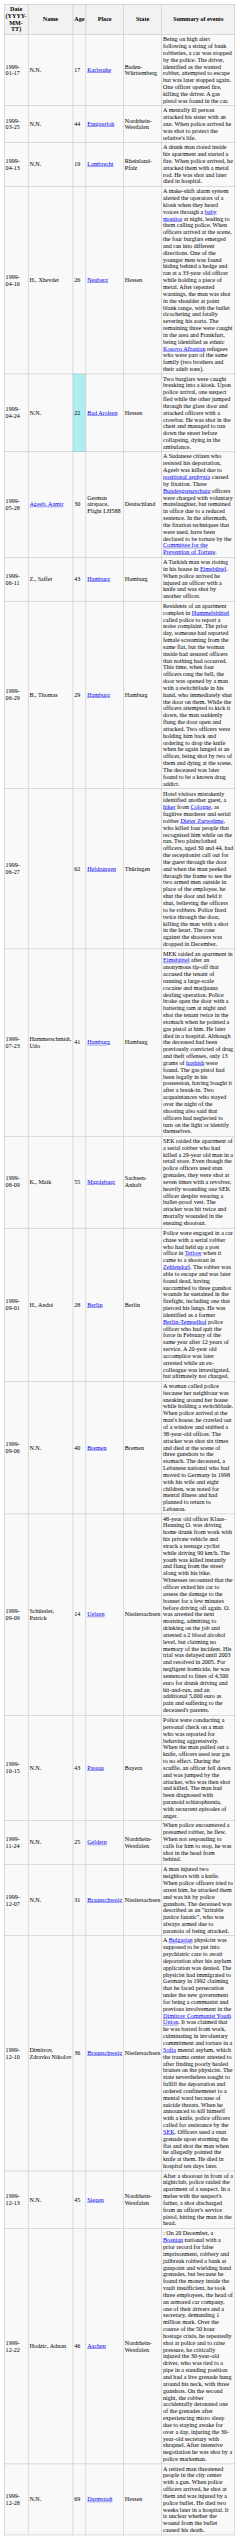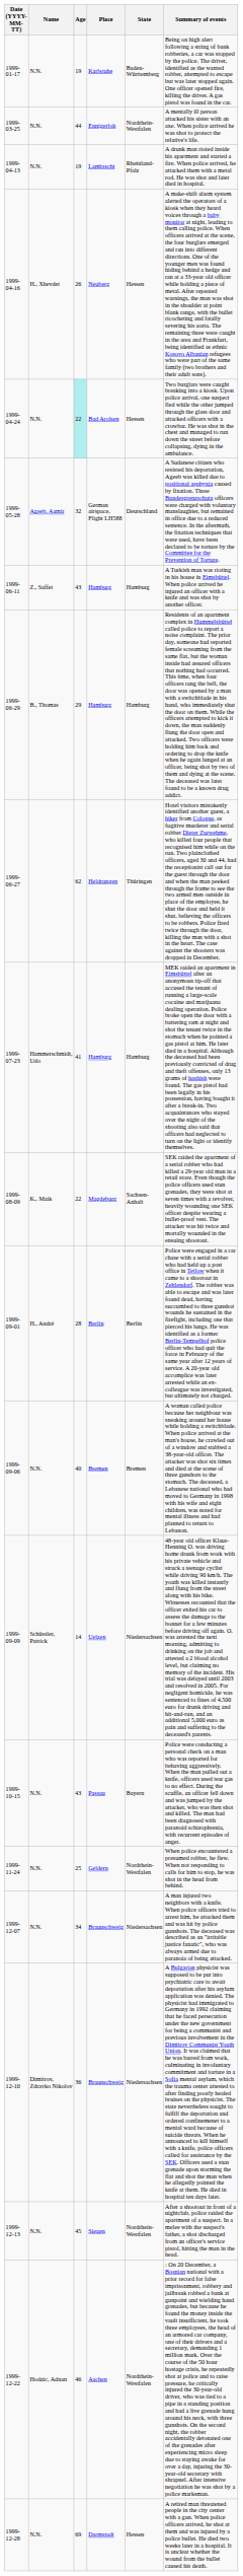 <table class="wikitable sortable static-row-numbers static-row-header-text">
 <tr>
 <th style="width:10%;">Date<br>(YYYY-MM-TT)</th>
 <th style="width:10%;">Name</th>
 <th style="width:5%;">Age</th>
 <th style="width:10%;">Place</th>
 <th style="width:15%;">State</th>
 <th style="width:50%;">Summary of events</th>
 </tr>
 <tr>
 <td>1999-01-17</td>
 <td>N.N.</td>
-<td>17</td>
+<td>19</td>
 <td><a href='#'>Karlsruhe</a></td>
 <td>Baden-Württemberg</td>
 <td>Being on high alert following a string of bank robberies, a car was stopped by the police. The driver, identified as the wanted robber, attempted to escape but was later stopped again. One officer opened fire, killing the driver. A gas pistol was found in the car.</td>
 </tr>
 <tr>
 <td>1999-03-25</td>
 <td>N.N.</td>
 <td>44</td>
 <td><a href='#'>Ennigerloh</a></td>
 <td>Nordrhein-Westfalen</td>
 <td>A mentally ill person attacked his sister with an axe. When police arrived he was shot to protect the relative's life.</td>
 </tr>
 <tr>
 <td>1999-04-13</td>
 <td>N.N.</td>
 <td>19</td>
 <td><a href='#'>Lambrecht</a></td>
 <td>Rheinland-Pfalz</td>
 <td>A drunk man rioted inside his apartment and started a fire. When police arrived, he attacked them with a metal rod. He was shot and later died in hospital.</td>
 </tr>
 <tr>
 <td>1999-04-16</td>
 <td>H., Xhevdet</td>
 <td>26</td>
 <td><a href='#'>Neuberg</a></td>
 <td>Hessen</td>
 <td>A make-shift alarm system alerted the operators of a kiosk when they heard voices through a <a href='#'>baby monitor</a> at night, leading to them calling police. When officers arrived at the scene, the four burglars emerged and ran into different directions. One of the younger men was found hiding behind a hedge and ran at a 33-year old officer while holding a piece of metal. After repeated warnings, the man was shot in the shoulder at point blank range, with the bullet ricocheting and fatally severing his aorta. The remaining three were caught in the area and Frankfurt, being identified as ethnic <a href='#'>Kosovo Albanian</a> refugees who were part of the same family (two brothers and their adult sons).</td>
 </tr>
 <tr>
 <td>1999-04-24</td>
 <td>N.N.</td>
 <td style="background: paleturquoise;">22</td>
 <td><a href='#'>Bad Arolsen</a></td>
 <td>Hessen</td>
 <td>Two burglars were caught breaking into a kiosk. Upon police arrival, one suspect fled while the other jumped through the glass door and attacked officers with a crowbar. He was shot in the chest and managed to run down the street before collapsing, dying in the ambulance.</td>
 </tr>
 <tr>
 <td>1999-05-28</td>
 <td><a href='#'>Ageeb, Aamir</a></td>
-<td>30</td>
+<td>32</td>
 <td>German airspace, Flight LH588</td>
 <td>Deutschland</td>
 <td>A Sudanese citizen who resisted his deportation, Ageeb was killed due to <a href='#'>positional asphyxia</a> caused by fixation. Three <a href='#'>Bundesgrenzschutz</a> officers were charged with voluntary manslaughter, but remained in office due to a reduced sentence. In the aftermath, the fixation techniques that were used, have been declared to be torture by the <a href='#'>Committee for the Prevention of Torture</a>.</td>
 </tr>
 <tr>
 <td>1999-06-11</td>
 <td>Z., Saffet</td>
 <td>43</td>
 <td><a href='#'>Hamburg</a></td>
 <td>Hamburg</td>
 <td>A Turkish man was rioting in his house in <a href='#'>Eimsbüttel</a>. When police arrived he injured an officer with a knife and was shot by another officer.</td>
 </tr>
 <tr>
 <td>1999-06-29</td>
 <td>B., Thomas</td>
 <td>29</td>
 <td><a href='#'>Hamburg</a></td>
 <td>Hamburg</td>
 <td>Residents of an apartment complex in <a href='#'>Hummelsbüttel</a> called police to report a noise complaint. The prior day, someone had reported female screaming from the same flat, but the woman inside had assured officers that nothing had occurred. This time, when four officers rang the bell, the door was opened by a man with a switchblade in his hand, who immediately shut the door on them. While the officers attempted to kick it down, the man suddenly flung the door open and attacked. Two officers were holding him back and ordering to drop the knife when he again lunged at an officer, being shot by two of them and dying at the scene. The deceased was later found to be a known drug addict.</td>
 </tr>
 <tr>
 <td>1999-06-27</td>
 <td></td>
 <td>62</td>
 <td><a href='#'>Heldrungen</a></td>
 <td>Thüringen</td>
 <td>Hotel visitors mistakenly identified another guest, a <a href='#'>hiker</a> from <a href='#'>Cologne</a>, as fugitive murderer and serial robber <a href='#'>Dieter Zurwehme</a>, who killed four people that recognised him while on the run. Two plainclothed officers, aged 30 and 44, had the receptionist call out for the guest through the door and when the man peeked through the frame to see the two armed men outside in place of the employee, he shut the door and held it shut, believing the officers to be robbers. Police fired twice through the door, killing the man with a shot in the heart. The case against the shooters was dropped in December.</td>
 </tr>
 <tr>
 <td>1999-07-23</td>
 <td>Hammerschmidt, Udo</td>
 <td>41</td>
 <td><a href='#'>Hamburg</a></td>
 <td>Hamburg</td>
 <td>MEK raided an apartment in <a href='#'>Eimsbüttel</a> after an anonymous tip-off that accused the tenant of running a large-scale cocaine and marijuana dealing operation. Police broke open the door with a battering ram at night and shot the tenant twice in the stomach when he pointed a gas pistol at him. He later died in a hospital. Although the deceased had been previously convicted of drug and theft offenses, only 13 grams of <a href='#'>hashish</a> were found. The gas pistol had been legally in his possession, having bought it after a break-in. Two acquaintances who stayed over the night of the shooting also said that officers had neglected to turn on the light or identify themselves.</td>
 </tr>
 <tr>
 <td>1999-08-09</td>
 <td>K., Maik</td>
-<td>55</td>
+<td>22</td>
 <td><a href='#'>Magdeburg</a></td>
 <td>Sachsen-Anhalt</td>
 <td>SEK raided the apartment of a serial robber who had killed a 29-year old man in a retail store. Even though the police officers used stun grenades, they were shot at seven times with a revolver, heavily wounding one SEK officer despite wearing a bullet-proof vest. The attacker was hit twice and mortally wounded in the ensuing shootout.</td>
 </tr>
 <tr>
 <td>1999-09-01</td>
 <td>H., André</td>
 <td>28</td>
 <td><a href='#'>Berlin</a></td>
 <td>Berlin</td>
 <td>Police were engaged in a car chase with a serial robber who had held up a post office in <a href='#'>Tetlow</a> when it came to a shootout in <a href='#'>Zehlendorf</a>. The robber was able to escape and was later found dead, having succumbed to three gunshot wounds he sustained in the firefight, including one that pierced his lungs. He was identified as a former <a href='#'>Berlin-Tempelhof</a> police officer who had quit the force in February of the same year after 12 years of service. A 20-year old accomplice was later arrested while an ex-colleague was investigated, but ultimately not charged.</td>
 </tr>
 <tr>
 <td>1999-09-06</td>
 <td>N.N.</td>
 <td>40</td>
 <td><a href='#'>Bremen</a></td>
 <td>Bremen</td>
 <td>A woman called police because her neighbour was sneaking around her house while holding a switchblade. When police arrived at the man's house, he crawled out of a window and stabbed a 38-year-old officer. The attacker was shot six times and died at the scene of three gunshots to the stomach. The deceased, a Lebanese national who had moved to Germany in 1998 with his wife and eight children, was noted for mental illness and had planned to return to Lebanon.</td>
 </tr>
 <tr>
 <td>1999-09-09</td>
 <td>Schüssler, Patrick</td>
 <td>14</td>
 <td><a href='#'>Uelzen</a></td>
 <td>Niedersachsen</td>
 <td>48-year old officer Klaus-Henning O. was driving home drunk from work with his private vehicle and struck a teenage cyclist while driving 90 km/h. The youth was killed instantly and flung from the street along with his bike. Witnesses recounted that the officer exited his car to assess the damage to the bonnet for a few minutes before driving off again. O. was arrested the next morning, admitting to drinking on the job and attested a 2 blood alcohol level, but claiming no memory of the incident. His trial was delayed until 2003 and resolved in 2005. For negligent homicide, he was sentenced to fines of 4,500 euro for drunk driving and hit-and-run, and an additional 5,000 euro as pain and suffering to the deceased's parents.</td>
 </tr>
 <tr>
 <td>1999-10-15</td>
 <td>N.N.</td>
 <td>43</td>
 <td><a href='#'>Passau</a></td>
 <td>Bayern</td>
 <td>Police were conducting a personal check on a man who was reported for behaving aggressively. When the man pulled out a knife, officers used tear gas to no effect. During the scuffle, an officer fell down and was jumped by the attacker, who was then shot and killed. The man had been diagnosed with paranoid schizophrenia, with recurrent episodes of anger.</td>
 </tr>
 <tr>
 <td>1999-11-24</td>
 <td>N.N.</td>
 <td>25</td>
 <td><a href='#'>Geldern</a></td>
 <td>Nordrhein-Westfalen</td>
 <td>When police encountered a presumed robber, he flew. When not responding to calls for him to stop, he was shot in the head from behind.</td>
 </tr>
 <tr>
 <td>1999-12-07</td>
 <td>N.N.</td>
-<td>31</td>
+<td>34</td>
 <td><a href='#'>Braunschweig</a></td>
 <td>Niedersachsen</td>
 <td>A man injured two neighbors with a knife. When police officers tried to arrest him, he attacked them and was hit by police gunshots. The deceased was described as an "irritable justice fanatic", who was always armed due to paranoia of being attacked.</td>
 </tr>
 <tr>
 <td>1999-12-10</td>
 <td>Dimitrov, Zdravko Nikolov</td>
 <td>36</td>
 <td><a href='#'>Braunschweig</a></td>
 <td>Niedersachsen</td>
 <td>A <a href='#'>Bulgarian</a> physicist was supposed to be put into psychiatric care to await deportation after his asylum application was denied. The physicist had immigrated to Germany in 1992 claiming that he faced persecution under the new government for being a communist and previous involvement in the <a href='#'>Dimitrov Communist Youth Union</a>. It was claimed that he was barred from work, culminating in involuntary commitment and torture in a <a href='#'>Sofia</a> mental asylum, which the trauma center  attested to after finding poorly healed bruises on the physicist. The state nevertheless sought to fulfill the deportation and ordered confinemenet to a mental ward because of suicide threats. When he announced to kill himself with a knife, police officers called for assistance by the <a href='#'>SEK</a>. Officers used a stun grenade upon storming the flat and shot the man when he allegedly pointed the knife at them. He died in hospital ten days later.</td>
 </tr>
 <tr>
 <td>1999-12-13</td>
 <td>N.N.</td>
 <td>45</td>
 <td><a href='#'>Siegen</a></td>
 <td>Nordrhein-Westfalen</td>
 <td>After a shootout in front of a nightclub, police raided the apartment of a suspect. In a melee with the suspect's father, a shot discharged from an officer's service pistol, hitting the man in the head.</td>
 </tr>
 <tr>
 <td>1999-12-22</td>
 <td>Hodzic, Adnan</td>
 <td>46</td>
 <td><a href='#'>Aachen</a></td>
 <td>Nordrhein-Westfalen</td>
 <td>: On 20 December, a <a href='#'>Bosnian</a> national with a prior record for false imprisonment, robbery and jailbreak robbed a bank at gunpoint and wielding hand grenades, but because he found the money inside the vault insufficient, he took three employees, the head of an armored car company, one of their drivers and a secretary, demanding 1 million mark. Over the course of the 50 hour hostage crisis, he repeatedly shot at police and to raise pressure, he critically injured the 30-year-old driver, who was tied to a pipe in a standing position and had a live grenade hung around his neck, with three gunshots. On the second night, the robber accidentally detonated one of the grenades after experiencing micro sleep due to staying awake for over a day, injuring the 30-year-old secretary with shrapnel. After intensive negotiation he was shot by a police marksman.</td>
 </tr>
 <tr>
 <td>1999-12-28</td>
 <td>N.N.</td>
 <td>69</td>
 <td><a href='#'>Darmstadt</a></td>
 <td>Hessen</td>
 <td>A retired man threatened people in the city center with a gun. When police officers arrived, he shot at them and was injured by a police bullet. He died two weeks later in a hospital. It is unclear whether the wound from the bullet caused his death.</td>
 </tr>
 </table>
